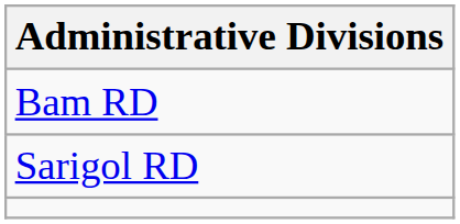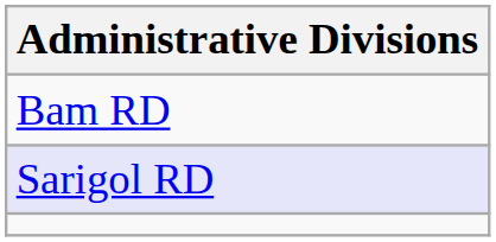 <table class="wikitable">
 <tr>
 <th>Administrative Divisions</th>
 </tr>
 <tr>
 <td><a href='#'>Bam RD</a></td>
 </tr>
 <tr>
-<td><a href='#'>Sarigol RD</a></td>
+<td style="background: lavender;"><a href='#'>Sarigol RD</a></td>
 </tr>
 <tr>
 <td colspan=1></td>
 </tr>
 </table>
